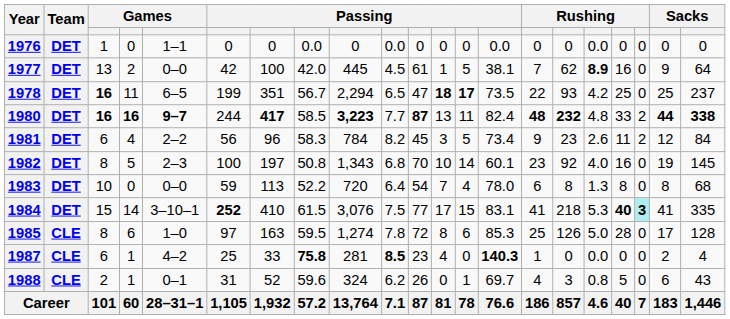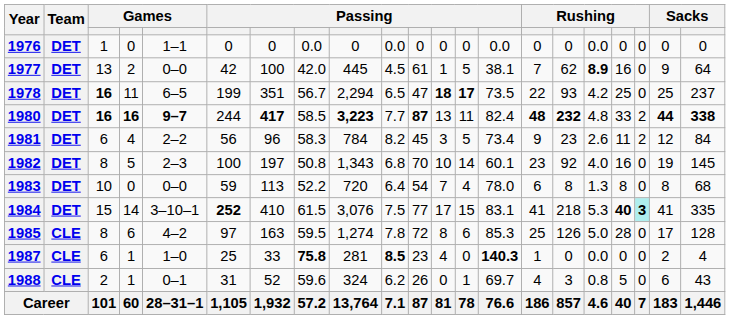 <table class="wikitable" style="text-align:center;">
 <tr>
 <th rowspan="2">Year</th>
 <th rowspan="2">Team</th>
 <th colspan="3">Games</th>
 <th colspan="9">Passing</th>
 <th colspan="5">Rushing</th>
 <th colspan="2">Sacks</th>
 </tr>
 <tr>
 <th></th>
 <th></th>
 <th></th>
 <th></th>
 <th></th>
 <th></th>
 <th></th>
 <th></th>
 <th></th>
 <th></th>
 <th></th>
 <th></th>
 <th></th>
 <th></th>
 <th></th>
 <th></th>
 <th></th>
 <th></th>
 <th></th>
 </tr>
 <tr>
 <th><a href='#'>1976</a></th>
 <th><a href='#'>DET</a></th>
 <td>1</td>
 <td>0</td>
 <td>1–1</td>
 <td>0</td>
 <td>0</td>
 <td>0.0</td>
 <td>0</td>
 <td>0.0</td>
 <td>0</td>
 <td>0</td>
 <td>0</td>
 <td>0.0</td>
 <td>0</td>
 <td>0</td>
 <td>0.0</td>
 <td>0</td>
 <td>0</td>
 <td>0</td>
 <td>0</td>
 </tr>
 <tr>
 <th><a href='#'>1977</a></th>
 <th><a href='#'>DET</a></th>
 <td>13</td>
 <td>2</td>
 <td>0–0</td>
 <td>42</td>
 <td>100</td>
 <td>42.0</td>
 <td>445</td>
 <td>4.5</td>
 <td>61</td>
 <td>1</td>
 <td>5</td>
 <td>38.1</td>
 <td>7</td>
 <td>62</td>
 <td><strong>8.9</strong></td>
 <td>16</td>
 <td>0</td>
 <td>9</td>
 <td>64</td>
 </tr>
 <tr>
 <th><a href='#'>1978</a></th>
 <th><a href='#'>DET</a></th>
 <td><strong>16</strong></td>
 <td>11</td>
 <td>6–5</td>
 <td>199</td>
 <td>351</td>
 <td>56.7</td>
 <td>2,294</td>
 <td>6.5</td>
 <td>47</td>
 <td><strong>18</strong></td>
 <td><strong>17</strong></td>
 <td>73.5</td>
 <td>22</td>
 <td>93</td>
 <td>4.2</td>
 <td>25</td>
 <td>0</td>
 <td>25</td>
 <td>237</td>
 </tr>
 <tr>
 <th><a href='#'>1980</a></th>
 <th><a href='#'>DET</a></th>
 <td><strong>16</strong></td>
 <td><strong>16</strong></td>
 <td><strong>9–7</strong></td>
 <td>244</td>
 <td><strong>417</strong></td>
 <td>58.5</td>
 <td><strong>3,223</strong></td>
 <td>7.7</td>
 <td><strong>87</strong></td>
 <td>13</td>
 <td>11</td>
 <td>82.4</td>
 <td><strong>48</strong></td>
 <td><strong>232</strong></td>
 <td>4.8</td>
 <td>33</td>
 <td>2</td>
 <td><strong>44</strong></td>
 <td><strong>338</strong></td>
 </tr>
 <tr>
 <th><a href='#'>1981</a></th>
 <th><a href='#'>DET</a></th>
 <td>6</td>
 <td>4</td>
 <td>2–2</td>
 <td>56</td>
 <td>96</td>
 <td>58.3</td>
 <td>784</td>
 <td>8.2</td>
 <td>45</td>
 <td>3</td>
 <td>5</td>
 <td>73.4</td>
 <td>9</td>
 <td>23</td>
 <td>2.6</td>
 <td>11</td>
 <td>2</td>
 <td>12</td>
 <td>84</td>
 </tr>
 <tr>
 <th><a href='#'>1982</a></th>
 <th><a href='#'>DET</a></th>
 <td>8</td>
 <td>5</td>
 <td>2–3</td>
 <td>100</td>
 <td>197</td>
 <td>50.8</td>
 <td>1,343</td>
 <td>6.8</td>
 <td>70</td>
 <td>10</td>
 <td>14</td>
 <td>60.1</td>
 <td>23</td>
 <td>92</td>
 <td>4.0</td>
 <td>16</td>
 <td>0</td>
 <td>19</td>
 <td>145</td>
 </tr>
 <tr>
 <th><a href='#'>1983</a></th>
 <th><a href='#'>DET</a></th>
 <td>10</td>
 <td>0</td>
 <td>0–0</td>
 <td>59</td>
 <td>113</td>
 <td>52.2</td>
 <td>720</td>
 <td>6.4</td>
 <td>54</td>
 <td>7</td>
 <td>4</td>
 <td>78.0</td>
 <td>6</td>
 <td>8</td>
 <td>1.3</td>
 <td>8</td>
 <td>0</td>
 <td>8</td>
 <td>68</td>
 </tr>
 <tr>
 <th><a href='#'>1984</a></th>
 <th><a href='#'>DET</a></th>
 <td>15</td>
 <td>14</td>
 <td>3–10–1</td>
 <td><strong>252</strong></td>
 <td>410</td>
 <td>61.5</td>
 <td>3,076</td>
 <td>7.5</td>
 <td>77</td>
 <td>17</td>
 <td>15</td>
 <td>83.1</td>
 <td>41</td>
 <td>218</td>
 <td>5.3</td>
 <td><strong>40</strong></td>
 <td style="background: paleturquoise;"><strong>3</strong></td>
 <td>41</td>
 <td>335</td>
 </tr>
 <tr>
 <th><a href='#'>1985</a></th>
 <th><a href='#'>CLE</a></th>
 <td>8</td>
 <td>6</td>
-<td>1–0</td>
+<td>4–2</td>
 <td>97</td>
 <td>163</td>
 <td>59.5</td>
 <td>1,274</td>
 <td>7.8</td>
 <td>72</td>
 <td>8</td>
 <td>6</td>
 <td>85.3</td>
 <td>25</td>
 <td>126</td>
 <td>5.0</td>
 <td>28</td>
 <td>0</td>
 <td>17</td>
 <td>128</td>
 </tr>
 <tr>
 <th><a href='#'>1987</a></th>
 <th><a href='#'>CLE</a></th>
 <td>6</td>
 <td>1</td>
-<td>4–2</td>
+<td>1–0</td>
 <td>25</td>
 <td>33</td>
 <td><strong>75.8</strong></td>
 <td>281</td>
 <td><strong>8.5</strong></td>
 <td>23</td>
 <td>4</td>
 <td>0</td>
 <td><strong>140.3</strong></td>
 <td>1</td>
 <td>0</td>
 <td>0.0</td>
 <td>0</td>
 <td>0</td>
 <td>2</td>
 <td>4</td>
 </tr>
 <tr>
 <th><a href='#'>1988</a></th>
 <th><a href='#'>CLE</a></th>
 <td>2</td>
 <td>1</td>
 <td>0–1</td>
 <td>31</td>
 <td>52</td>
 <td>59.6</td>
 <td>324</td>
 <td>6.2</td>
 <td>26</td>
 <td>0</td>
 <td>1</td>
 <td>69.7</td>
 <td>4</td>
 <td>3</td>
 <td>0.8</td>
 <td>5</td>
 <td>0</td>
 <td>6</td>
 <td>43</td>
 </tr>
 <tr>
 <th colspan="2">Career</th>
 <th>101</th>
 <th>60</th>
 <th>28–31–1</th>
 <th>1,105</th>
 <th>1,932</th>
 <th>57.2</th>
 <th>13,764</th>
 <th>7.1</th>
 <th>87</th>
 <th>81</th>
 <th>78</th>
 <th>76.6</th>
 <th>186</th>
 <th>857</th>
 <th>4.6</th>
 <th>40</th>
 <th>7</th>
 <th>183</th>
 <th>1,446</th>
 </tr>
 </table>
